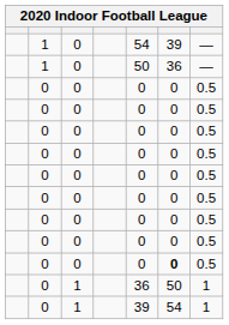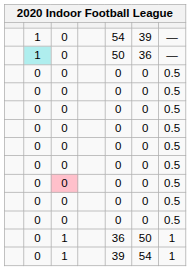 <table class="wikitable" style="text-align:center">
 <tr>
 <th colspan="9" style="vertical-align:middle;">2020 Indoor Football League</th>
 </tr>
 <tr>
 <th width="20"></th>
 <th width="30"></th>
 <th width="30"></th>
 <th width="30"></th>
 <th width="30"></th>
 <th width="30"></th>
 <th width="30"></th>
 </tr>
 <tr>
 <td style="text-align:left;"></td>
 <td>1</td>
 <td>0</td>
 <td></td>
 <td>54</td>
 <td>39</td>
 <td>—</td>
 </tr>
 <tr>
 <td style="text-align:left;"></td>
-<td>1</td>
+<td style="background: paleturquoise;">1</td>
 <td>0</td>
 <td></td>
 <td>50</td>
 <td>36</td>
 <td>—</td>
 </tr>
 <tr>
 <td style="text-align:left;"></td>
 <td>0</td>
 <td>0</td>
 <td></td>
 <td>0</td>
 <td>0</td>
 <td>0.5</td>
 </tr>
 <tr>
 <td style="text-align:left;"></td>
 <td>0</td>
 <td>0</td>
 <td></td>
 <td>0</td>
 <td>0</td>
 <td>0.5</td>
 </tr>
 <tr>
 <td style="text-align:left;"></td>
 <td>0</td>
 <td>0</td>
 <td></td>
 <td>0</td>
 <td>0</td>
 <td>0.5</td>
 </tr>
 <tr>
 <td style="text-align:left;"></td>
 <td>0</td>
 <td>0</td>
 <td></td>
 <td>0</td>
 <td>0</td>
 <td>0.5</td>
 </tr>
 <tr>
 <td style="text-align:left;"></td>
 <td>0</td>
 <td>0</td>
 <td></td>
 <td>0</td>
 <td>0</td>
 <td>0.5</td>
 </tr>
 <tr>
 <td style="text-align:left;"></td>
 <td>0</td>
 <td>0</td>
 <td></td>
 <td>0</td>
 <td>0</td>
 <td>0.5</td>
 </tr>
 <tr>
 <td style="text-align:left;"></td>
 <td>0</td>
-<td>0</td>
+<td style="background: pink;">0</td>
 <td></td>
 <td>0</td>
 <td>0</td>
 <td>0.5</td>
 </tr>
 <tr>
 <td style="text-align:left;"></td>
 <td>0</td>
 <td>0</td>
 <td></td>
 <td>0</td>
 <td>0</td>
 <td>0.5</td>
 </tr>
 <tr>
 <td style="text-align:left;"></td>
 <td>0</td>
 <td>0</td>
 <td></td>
 <td>0</td>
-<td><strong>0</strong></td>
+<td>0</td>
 <td>0.5</td>
 </tr>
 <tr>
 <td style="text-align:left;"></td>
 <td>0</td>
 <td>1</td>
 <td></td>
 <td>36</td>
 <td>50</td>
 <td>1</td>
 </tr>
 <tr>
 <td style="text-align:left;"></td>
 <td>0</td>
 <td>1</td>
 <td></td>
 <td>39</td>
 <td>54</td>
 <td>1</td>
 </tr>
 </table>
